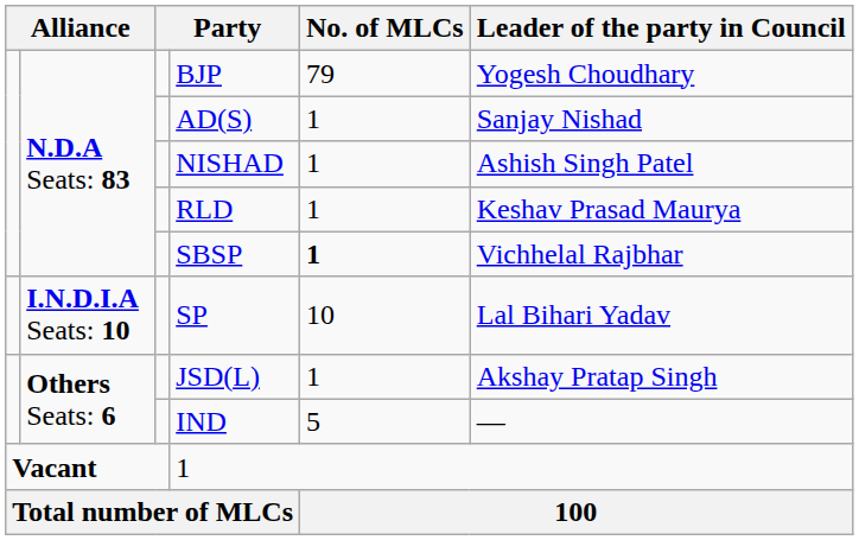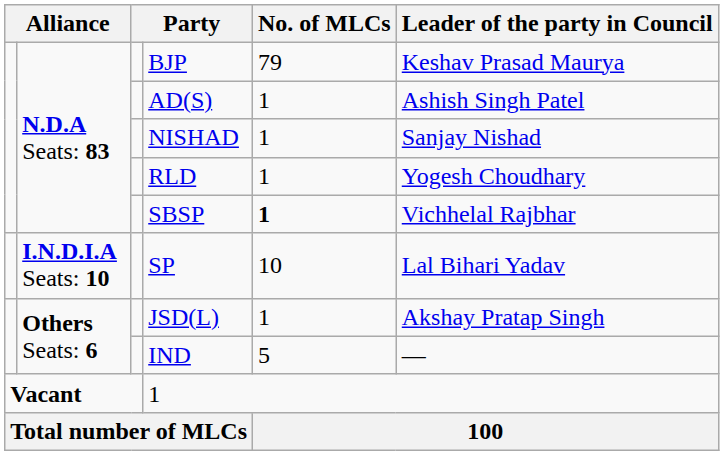 <table class="wikitable">
 <tr>
 <th colspan="2">Alliance</th>
 <th colspan="2">Party</th>
 <th>No. of MLCs</th>
 <th>Leader of the party in Council</th>
 </tr>
 <tr>
 <td rowspan="5" style="background:"></td>
 <td rowspan="5"><strong><a href='#'>N.D.A</a></strong><br>Seats: <strong>83</strong></td>
 <td style="background:"></td>
 <td><a href='#'>BJP</a></td>
 <td>79</td>
-<td><a href='#'>Yogesh Choudhary</a></td>
+<td><a href='#'>Keshav Prasad Maurya</a></td>
 </tr>
 <tr>
 <td style="background:"></td>
 <td><a href='#'>AD(S)</a></td>
 <td>1</td>
-<td><a href='#'>Sanjay Nishad</a></td>
+<td><a href='#'>Ashish Singh Patel</a></td>
 </tr>
 <tr>
 <td style="background:"></td>
 <td><a href='#'>NISHAD</a></td>
 <td>1</td>
-<td><a href='#'>Ashish Singh Patel</a></td>
+<td><a href='#'>Sanjay Nishad</a></td>
 </tr>
 <tr>
 <td style="background:"></td>
 <td><a href='#'>RLD</a></td>
 <td>1</td>
-<td><a href='#'>Keshav Prasad Maurya</a></td>
+<td><a href='#'>Yogesh Choudhary</a></td>
 </tr>
 <tr>
 <td style="background:"></td>
 <td><a href='#'>SBSP</a></td>
 <td><strong>1</strong></td>
 <td><a href='#'>Vichhelal Rajbhar</a></td>
 </tr>
 <tr>
 <td rowspan="1" style="background:"></td>
 <td rowspan="1"><strong><a href='#'>I.N.D.I.A</a></strong><br>Seats: <strong>10</strong></td>
 <td style="background:"></td>
 <td><a href='#'>SP</a></td>
 <td>10</td>
 <td><a href='#'>Lal Bihari Yadav</a></td>
 </tr>
 <tr>
 <td rowspan="2" style="background:"></td>
 <td rowspan="2"><strong>Others</strong><br>Seats: <strong>6</strong></td>
 <td style="background:"></td>
 <td><a href='#'>JSD(L)</a></td>
 <td>1</td>
 <td><a href='#'>Akshay Pratap Singh</a></td>
 </tr>
 <tr>
 <td style="background:"></td>
 <td><a href='#'>IND</a></td>
 <td>5</td>
 <td>—</td>
 </tr>
 <tr>
 <td colspan=3><strong>Vacant</strong></td>
 <td colspan="4">1</td>
 </tr>
 <tr>
 <th colspan="4">Total number of MLCs</th>
 <th colspan="2">100</th>
 </tr>
 </table>
